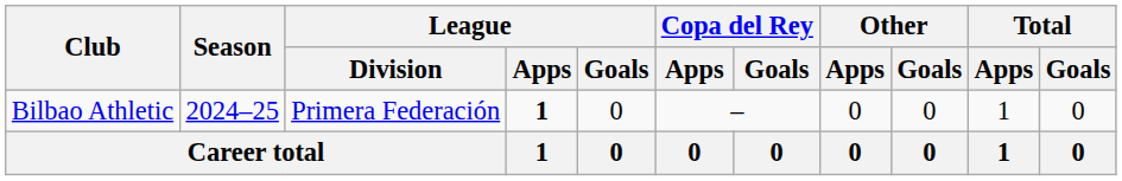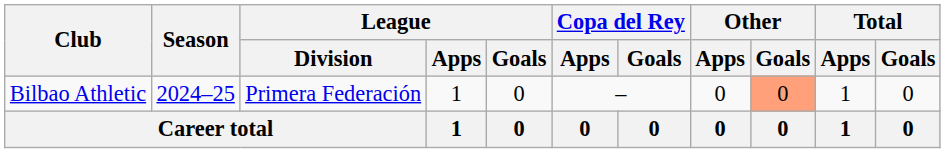 <table class="wikitable" style="text-align:center">
 <tr>
 <th rowspan="2">Club</th>
 <th rowspan="2">Season</th>
 <th colspan="3">League</th>
 <th colspan="2"><a href='#'>Copa del Rey</a></th>
 <th colspan="2">Other</th>
 <th colspan="2">Total</th>
 </tr>
 <tr>
 <th>Division</th>
 <th>Apps</th>
 <th>Goals</th>
 <th>Apps</th>
 <th>Goals</th>
 <th>Apps</th>
 <th>Goals</th>
 <th>Apps</th>
 <th>Goals</th>
 </tr>
 <tr>
 <td><a href='#'>Bilbao Athletic</a></td>
 <td><a href='#'>2024–25</a></td>
 <td><a href='#'>Primera Federación</a></td>
-<td><strong>1</strong></td>
+<td>1</td>
 <td>0</td>
 <td colspan="2">–</td>
 <td>0</td>
-<td>0</td>
+<td style="background: lightsalmon;">0</td>
 <td>1</td>
 <td>0</td>
 </tr>
 <tr>
 <th colspan="3">Career total</th>
 <th>1</th>
 <th>0</th>
 <th>0</th>
 <th>0</th>
 <th>0</th>
 <th>0</th>
 <th>1</th>
 <th>0</th>
 </tr>
 </table>
